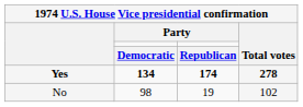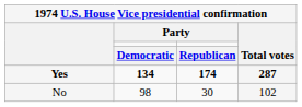 <table class=wikitable style="text-align:center">
 <tr>
 <th colspan=6 style="background:#f5f5f5">1974 <a href='#'>U.S. House</a> <a href='#'>Vice presidential</a> confirmation</th>
 </tr>
 <tr style="vertical-align:bottom;">
 <th rowspan=3 style="width: 9em;"><br></th>
 <th colspan=2>Party</th>
 <th rowspan=3>Total votes</th>
 </tr>
 <tr style="height:5px">
 <td style="background-color:"></td>
 <td style="background-color:"></td>
 </tr>
 <tr style="vertical-align:bottom;">
 <th><a href='#'>Democratic</a></th>
 <th><a href='#'>Republican</a></th>
 </tr>
 <tr>
 <td style="background:#f5f5f5"><strong>Yes</strong></td>
 <td><strong>134</strong></td>
 <td><strong>174</strong></td>
-<td style="background:#f5f5f5"><strong>278</strong></td>
+<td style="background:#f5f5f5"><strong>287</strong></td>
 </tr>
 <tr>
 <td style="background:#f5f5f5">No</td>
 <td>98</td>
-<td>19</td>
+<td>30</td>
 <td style="background:#f5f5f5">102</td>
 </tr>
 </table>
